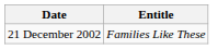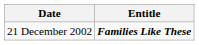 <table class="wikitable" style="text-align:center;">
 <tr>
 <th>Date</th>
 <th>Entitle</th>
 </tr>
 <tr>
 <td>21 December 2002</td>
-<td><em>Families Like These</em></td>
+<td><strong><em>Families Like These</em></strong></td>
 </tr>
 </table>
